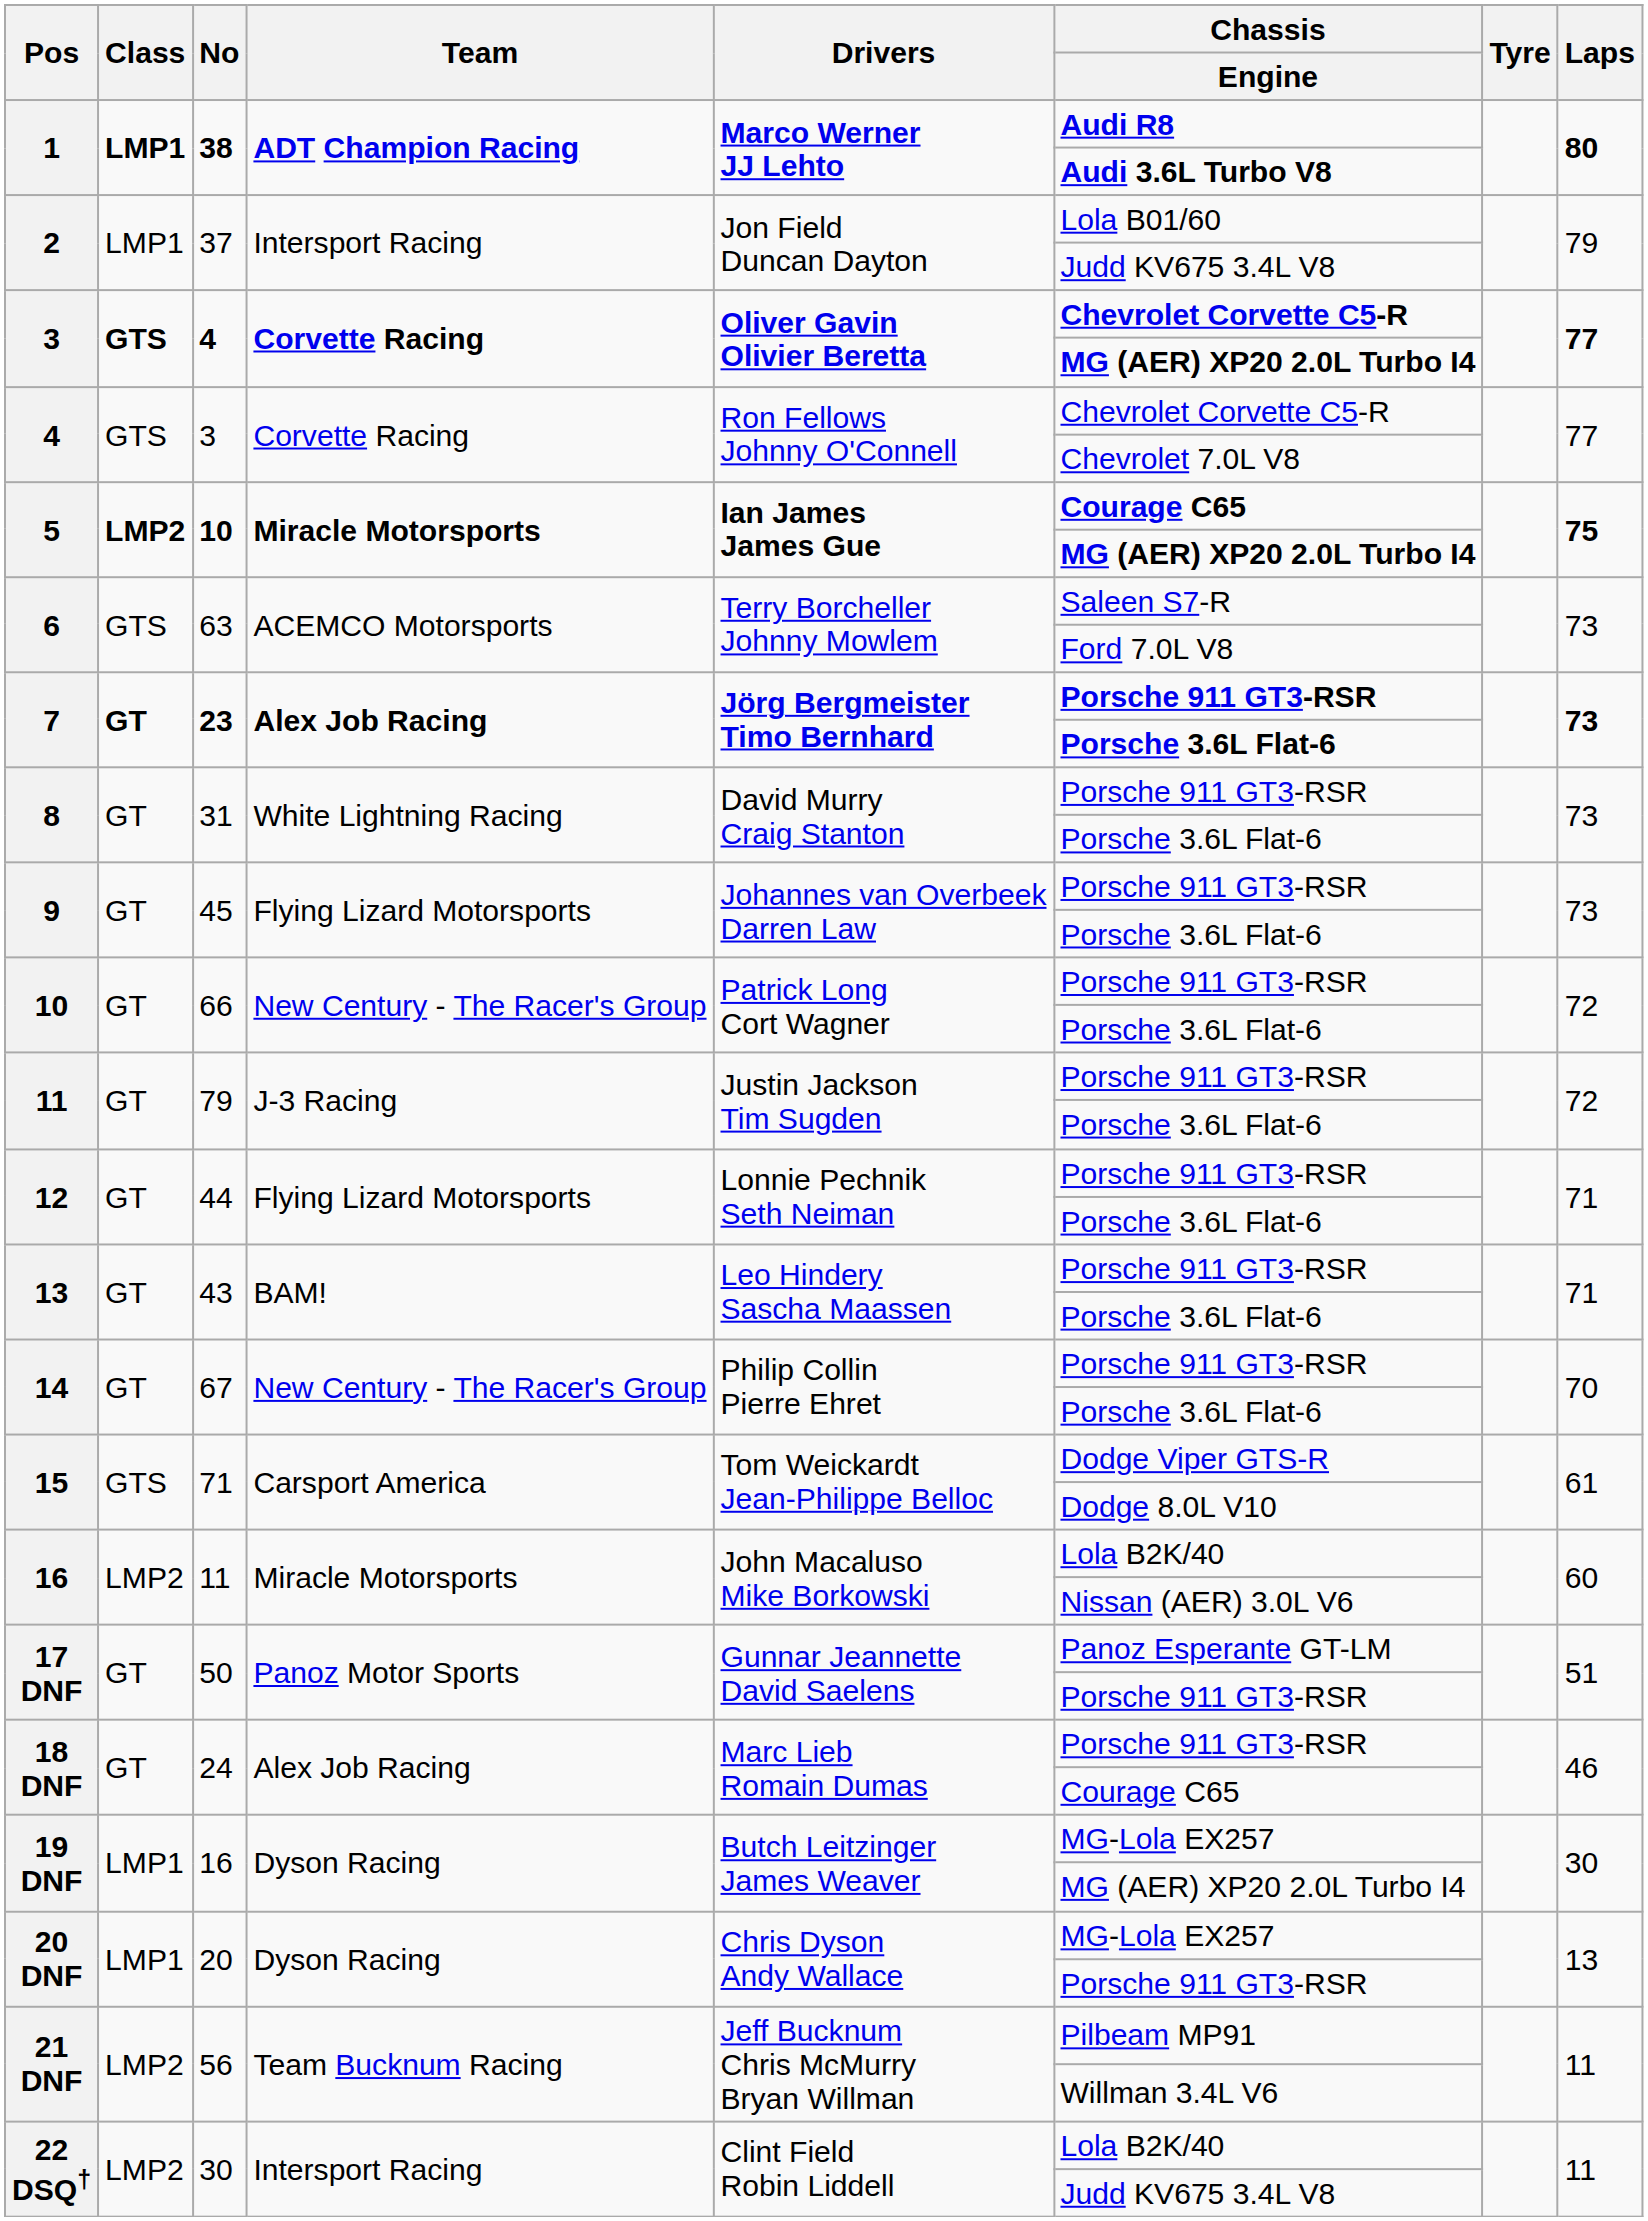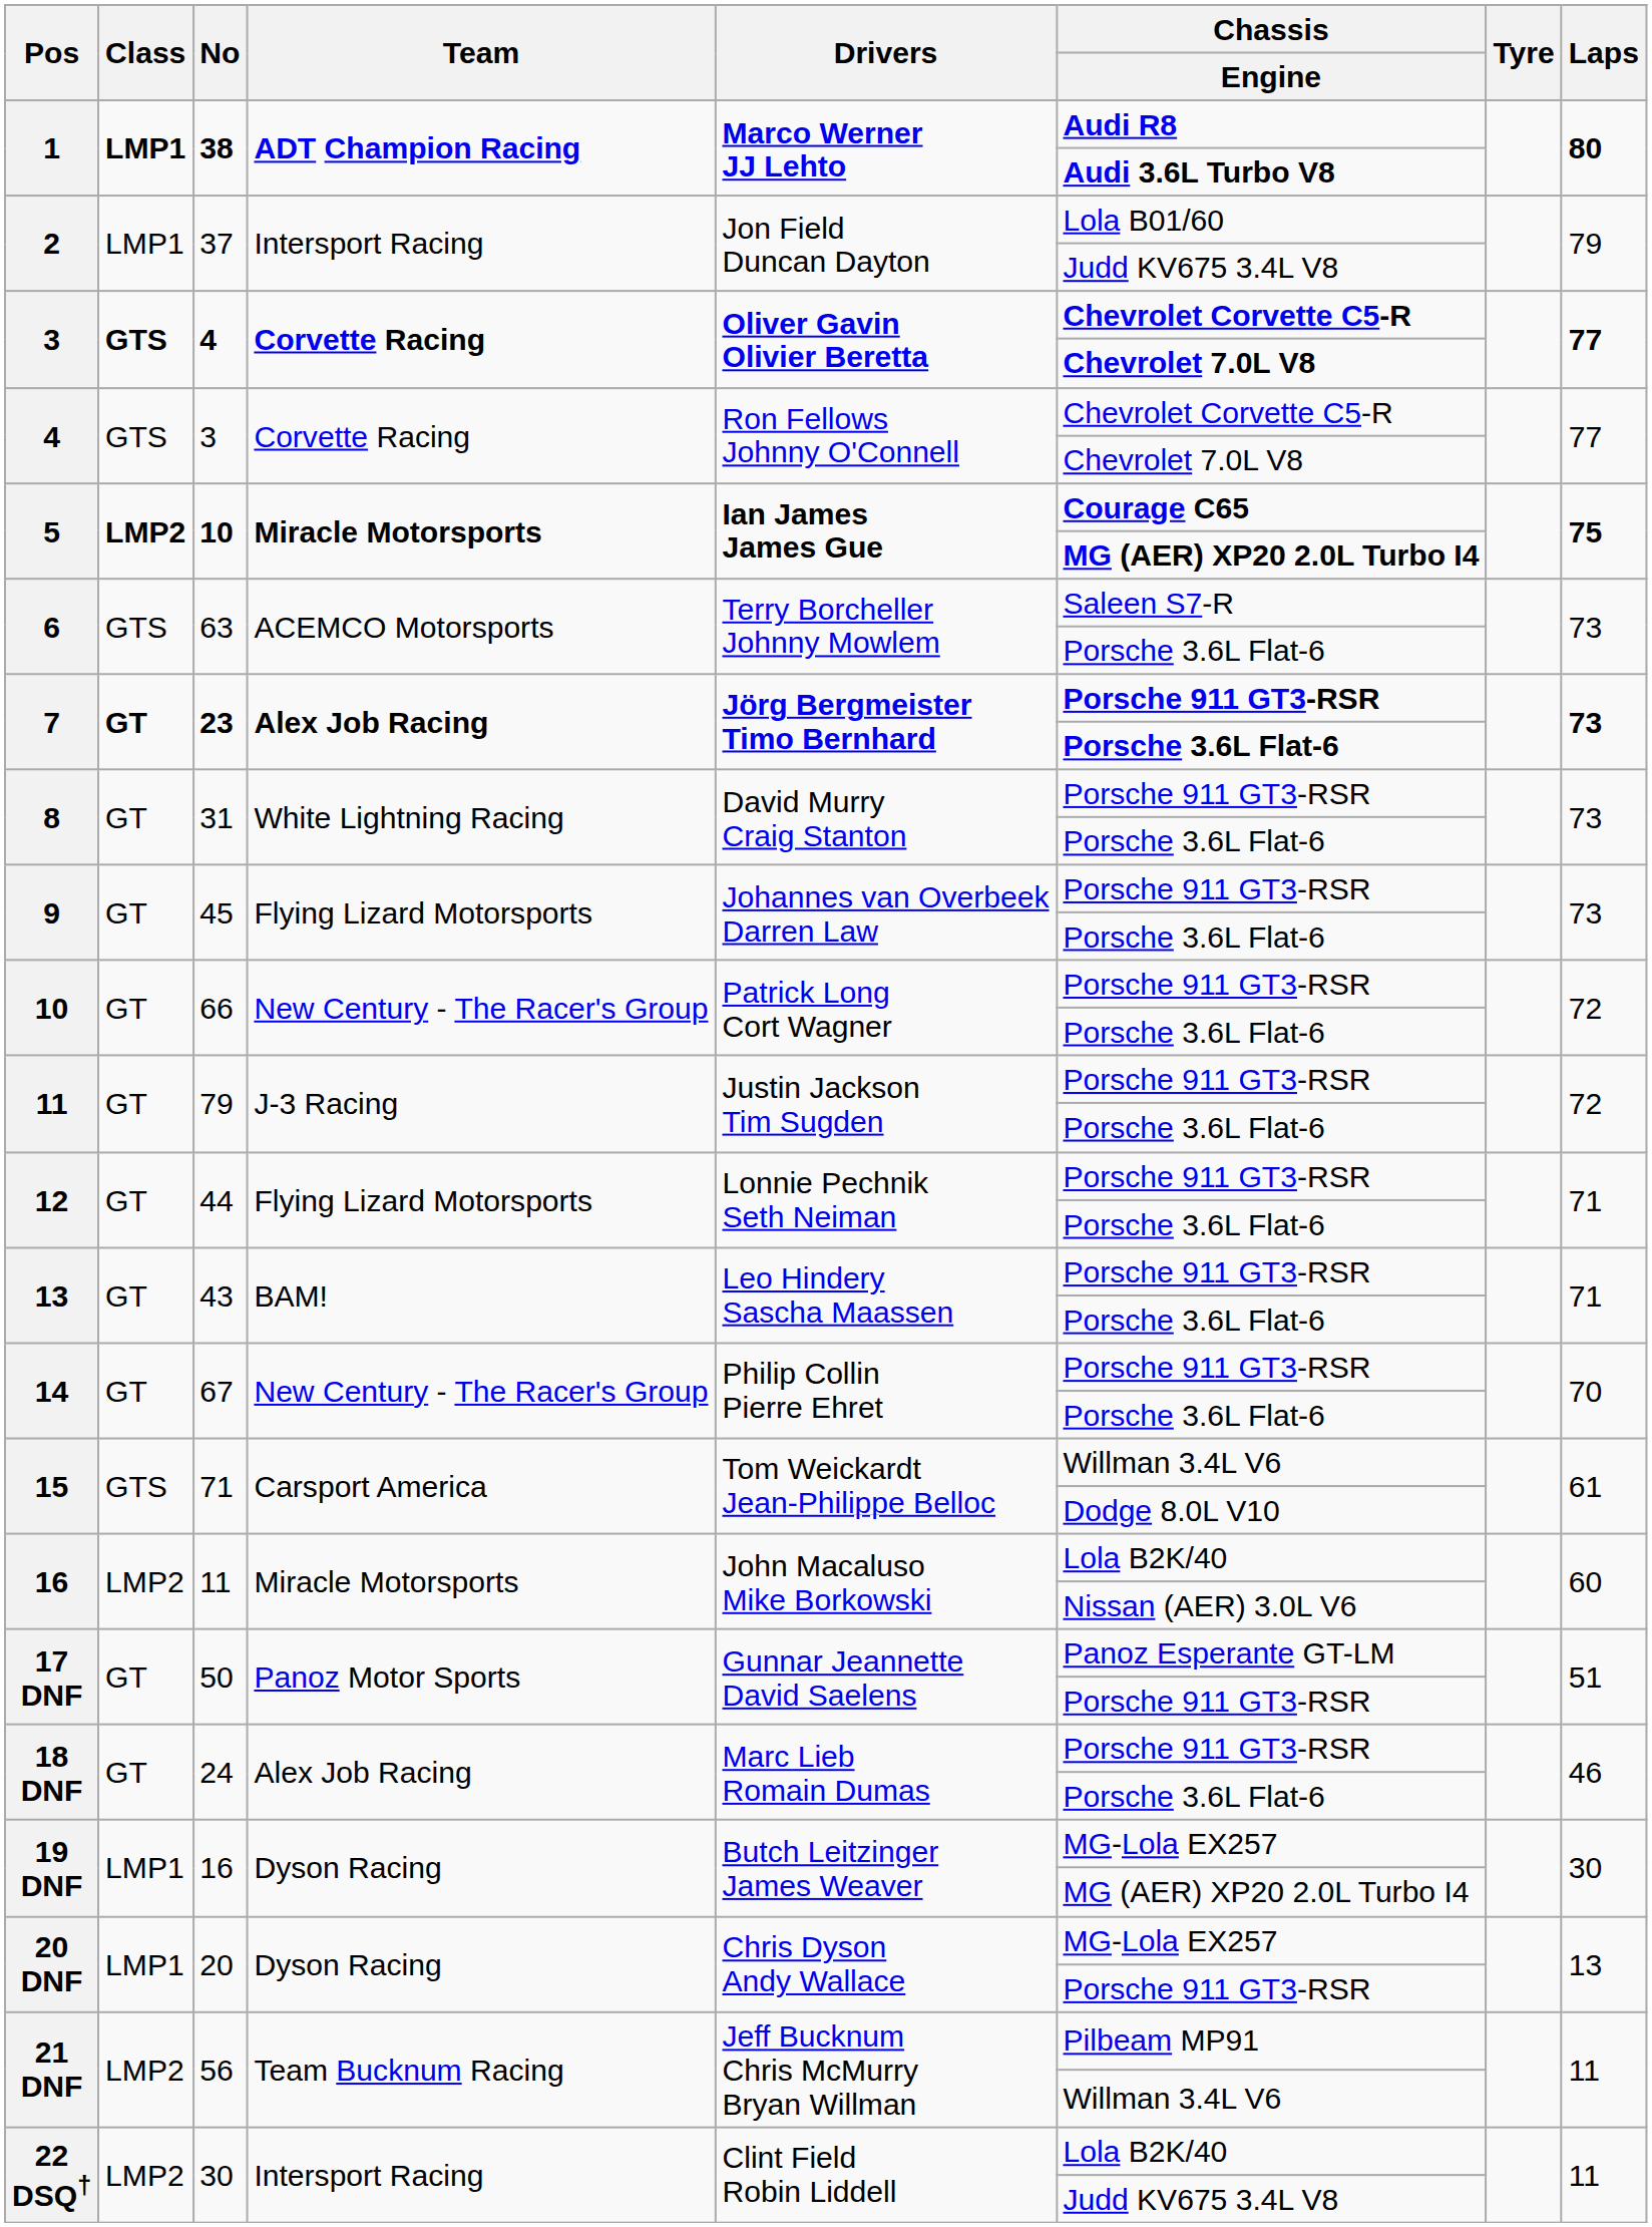 <table class="wikitable" style="font-size: 95%;">
 <tr>
 <th rowspan=2>Pos</th>
 <th rowspan=2>Class</th>
 <th rowspan=2>No</th>
 <th rowspan=2>Team</th>
 <th rowspan=2>Drivers</th>
 <th>Chassis</th>
 <th rowspan=2>Tyre</th>
 <th rowspan=2>Laps</th>
 </tr>
 <tr>
 <th>Engine</th>
 </tr>
 <tr style="font-weight:bold">
 <th rowspan=2>1</th>
 <td rowspan=2>LMP1</td>
 <td rowspan=2>38</td>
 <td rowspan=2> <a href='#'>ADT</a> <a href='#'>Champion Racing</a></td>
 <td rowspan=2> <a href='#'>Marco Werner</a><br> <a href='#'>JJ Lehto</a></td>
 <td><a href='#'>Audi R8</a></td>
 <td rowspan=2></td>
 <td rowspan=2>80</td>
 </tr>
 <tr style="font-weight:bold">
 <td><a href='#'>Audi</a> 3.6L Turbo V8</td>
 </tr>
 <tr>
 <th rowspan=2>2</th>
 <td rowspan=2>LMP1</td>
 <td rowspan=2>37</td>
 <td rowspan=2> Intersport Racing</td>
 <td rowspan=2> Jon Field<br> Duncan Dayton</td>
 <td><a href='#'>Lola</a> B01/60</td>
 <td rowspan=2></td>
 <td rowspan=2>79</td>
 </tr>
 <tr>
 <td><a href='#'>Judd</a> KV675 3.4L V8</td>
 </tr>
 <tr style="font-weight:bold">
 <th rowspan=2>3</th>
 <td rowspan=2>GTS</td>
 <td rowspan=2>4</td>
 <td rowspan=2> <a href='#'>Corvette</a> Racing</td>
 <td rowspan=2> <a href='#'>Oliver Gavin</a><br> <a href='#'>Olivier Beretta</a></td>
 <td><a href='#'>Chevrolet Corvette C5</a>-R</td>
 <td rowspan=2></td>
 <td rowspan=2>77</td>
 </tr>
 <tr style="font-weight:bold">
-<td><a href='#'>MG</a> (AER) XP20 2.0L Turbo I4</td>
+<td><a href='#'>Chevrolet</a> 7.0L V8</td>
 </tr>
 <tr>
 <th rowspan=2>4</th>
 <td rowspan=2>GTS</td>
 <td rowspan=2>3</td>
 <td rowspan=2> <a href='#'>Corvette</a> Racing</td>
 <td rowspan=2> <a href='#'>Ron Fellows</a><br> <a href='#'>Johnny O'Connell</a></td>
 <td><a href='#'>Chevrolet Corvette C5</a>-R</td>
 <td rowspan=2></td>
 <td rowspan=2>77</td>
 </tr>
 <tr>
 <td><a href='#'>Chevrolet</a> 7.0L V8</td>
 </tr>
 <tr style="font-weight:bold">
 <th rowspan=2>5</th>
 <td rowspan=2>LMP2</td>
 <td rowspan=2>10</td>
 <td rowspan=2> Miracle Motorsports</td>
 <td rowspan=2> Ian James<br> James Gue</td>
 <td><a href='#'>Courage</a> C65</td>
 <td rowspan=2></td>
 <td rowspan=2>75</td>
 </tr>
 <tr style="font-weight:bold">
 <td><a href='#'>MG</a> (AER) XP20 2.0L Turbo I4</td>
 </tr>
 <tr>
 <th rowspan=2>6</th>
 <td rowspan=2>GTS</td>
 <td rowspan=2>63</td>
 <td rowspan=2> ACEMCO Motorsports</td>
 <td rowspan=2> <a href='#'>Terry Borcheller</a><br> <a href='#'>Johnny Mowlem</a></td>
 <td><a href='#'>Saleen S7</a>-R</td>
 <td rowspan=2></td>
 <td rowspan=2>73</td>
 </tr>
 <tr>
-<td><a href='#'>Ford</a> 7.0L V8</td>
+<td><a href='#'>Porsche</a> 3.6L Flat-6</td>
 </tr>
 <tr style="font-weight:bold">
 <th rowspan=2>7</th>
 <td rowspan=2>GT</td>
 <td rowspan=2>23</td>
 <td rowspan=2> Alex Job Racing</td>
 <td rowspan=2> <a href='#'>Jörg Bergmeister</a><br> <a href='#'>Timo Bernhard</a></td>
 <td><a href='#'>Porsche 911 GT3</a>-RSR</td>
 <td rowspan=2></td>
 <td rowspan=2>73</td>
 </tr>
 <tr style="font-weight:bold">
 <td><a href='#'>Porsche</a> 3.6L Flat-6</td>
 </tr>
 <tr>
 <th rowspan=2>8</th>
 <td rowspan=2>GT</td>
 <td rowspan=2>31</td>
 <td rowspan=2> White Lightning Racing</td>
 <td rowspan=2> David Murry<br> <a href='#'>Craig Stanton</a></td>
 <td><a href='#'>Porsche 911 GT3</a>-RSR</td>
 <td rowspan=2></td>
 <td rowspan=2>73</td>
 </tr>
 <tr>
 <td><a href='#'>Porsche</a> 3.6L Flat-6</td>
 </tr>
 <tr>
 <th rowspan=2>9</th>
 <td rowspan=2>GT</td>
 <td rowspan=2>45</td>
 <td rowspan=2> Flying Lizard Motorsports</td>
 <td rowspan=2> <a href='#'>Johannes van Overbeek</a><br> <a href='#'>Darren Law</a></td>
 <td><a href='#'>Porsche 911 GT3</a>-RSR</td>
 <td rowspan=2></td>
 <td rowspan=2>73</td>
 </tr>
 <tr>
 <td><a href='#'>Porsche</a> 3.6L Flat-6</td>
 </tr>
 <tr>
 <th rowspan=2>10</th>
 <td rowspan=2>GT</td>
 <td rowspan=2>66</td>
 <td rowspan=2> <a href='#'>New Century</a> - <a href='#'>The Racer's Group</a></td>
 <td rowspan=2> <a href='#'>Patrick Long</a><br> Cort Wagner</td>
 <td><a href='#'>Porsche 911 GT3</a>-RSR</td>
 <td rowspan=2></td>
 <td rowspan=2>72</td>
 </tr>
 <tr>
 <td><a href='#'>Porsche</a> 3.6L Flat-6</td>
 </tr>
 <tr>
 <th rowspan=2>11</th>
 <td rowspan=2>GT</td>
 <td rowspan=2>79</td>
 <td rowspan=2> J-3 Racing</td>
 <td rowspan=2> Justin Jackson<br> <a href='#'>Tim Sugden</a></td>
 <td><a href='#'>Porsche 911 GT3</a>-RSR</td>
 <td rowspan=2></td>
 <td rowspan=2>72</td>
 </tr>
 <tr>
 <td><a href='#'>Porsche</a> 3.6L Flat-6</td>
 </tr>
 <tr>
 <th rowspan=2>12</th>
 <td rowspan=2>GT</td>
 <td rowspan=2>44</td>
 <td rowspan=2> Flying Lizard Motorsports</td>
 <td rowspan=2> Lonnie Pechnik<br> <a href='#'>Seth Neiman</a></td>
 <td><a href='#'>Porsche 911 GT3</a>-RSR</td>
 <td rowspan=2></td>
 <td rowspan=2>71</td>
 </tr>
 <tr>
 <td><a href='#'>Porsche</a> 3.6L Flat-6</td>
 </tr>
 <tr>
 <th rowspan=2>13</th>
 <td rowspan=2>GT</td>
 <td rowspan=2>43</td>
 <td rowspan=2> BAM!</td>
 <td rowspan=2> <a href='#'>Leo Hindery</a><br> <a href='#'>Sascha Maassen</a></td>
 <td><a href='#'>Porsche 911 GT3</a>-RSR</td>
 <td rowspan=2></td>
 <td rowspan=2>71</td>
 </tr>
 <tr>
 <td><a href='#'>Porsche</a> 3.6L Flat-6</td>
 </tr>
 <tr>
 <th rowspan=2>14</th>
 <td rowspan=2>GT</td>
 <td rowspan=2>67</td>
 <td rowspan=2> <a href='#'>New Century</a> - <a href='#'>The Racer's Group</a></td>
 <td rowspan=2> Philip Collin<br> Pierre Ehret</td>
 <td><a href='#'>Porsche 911 GT3</a>-RSR</td>
 <td rowspan=2></td>
 <td rowspan=2>70</td>
 </tr>
 <tr>
 <td><a href='#'>Porsche</a> 3.6L Flat-6</td>
 </tr>
 <tr>
 <th rowspan=2>15</th>
 <td rowspan=2>GTS</td>
 <td rowspan=2>71</td>
 <td rowspan=2> Carsport America</td>
 <td rowspan=2> Tom Weickardt<br> <a href='#'>Jean-Philippe Belloc</a></td>
-<td><a href='#'>Dodge Viper GTS-R</a></td>
+<td>Willman 3.4L V6</td>
 <td rowspan=2></td>
 <td rowspan=2>61</td>
 </tr>
 <tr>
 <td><a href='#'>Dodge</a> 8.0L V10</td>
 </tr>
 <tr>
 <th rowspan=2>16</th>
 <td rowspan=2>LMP2</td>
 <td rowspan=2>11</td>
 <td rowspan=2> Miracle Motorsports</td>
 <td rowspan=2> John Macaluso<br> <a href='#'>Mike Borkowski</a></td>
 <td><a href='#'>Lola</a> B2K/40</td>
 <td rowspan=2></td>
 <td rowspan=2>60</td>
 </tr>
 <tr>
 <td><a href='#'>Nissan</a> (AER) 3.0L V6</td>
 </tr>
 <tr>
 <th rowspan=2>17<br>DNF</th>
 <td rowspan=2>GT</td>
 <td rowspan=2>50</td>
 <td rowspan=2> <a href='#'>Panoz</a> Motor Sports</td>
 <td rowspan=2> <a href='#'>Gunnar Jeannette</a><br> <a href='#'>David Saelens</a></td>
 <td><a href='#'>Panoz Esperante</a> GT-LM</td>
 <td rowspan=2></td>
 <td rowspan=2>51</td>
 </tr>
 <tr>
 <td><a href='#'>Porsche 911 GT3</a>-RSR</td>
 </tr>
 <tr>
 <th rowspan=2>18<br>DNF</th>
 <td rowspan=2>GT</td>
 <td rowspan=2>24</td>
 <td rowspan=2> Alex Job Racing</td>
 <td rowspan=2> <a href='#'>Marc Lieb</a><br> <a href='#'>Romain Dumas</a></td>
 <td><a href='#'>Porsche 911 GT3</a>-RSR</td>
 <td rowspan=2></td>
 <td rowspan=2>46</td>
 </tr>
 <tr>
-<td><a href='#'>Courage</a> C65</td>
+<td><a href='#'>Porsche</a> 3.6L Flat-6</td>
 </tr>
 <tr>
 <th rowspan=2>19<br>DNF</th>
 <td rowspan=2>LMP1</td>
 <td rowspan=2>16</td>
 <td rowspan=2> Dyson Racing</td>
 <td rowspan=2> <a href='#'>Butch Leitzinger</a><br> <a href='#'>James Weaver</a></td>
 <td><a href='#'>MG</a>-<a href='#'>Lola</a> EX257</td>
 <td rowspan=2></td>
 <td rowspan=2>30</td>
 </tr>
 <tr>
 <td><a href='#'>MG</a> (AER) XP20 2.0L Turbo I4</td>
 </tr>
 <tr>
 <th rowspan=2>20<br>DNF</th>
 <td rowspan=2>LMP1</td>
 <td rowspan=2>20</td>
 <td rowspan=2> Dyson Racing</td>
 <td rowspan=2> <a href='#'>Chris Dyson</a><br> <a href='#'>Andy Wallace</a></td>
 <td><a href='#'>MG</a>-<a href='#'>Lola</a> EX257</td>
 <td rowspan=2></td>
 <td rowspan=2>13</td>
 </tr>
 <tr>
 <td><a href='#'>Porsche 911 GT3</a>-RSR</td>
 </tr>
 <tr>
 <th rowspan=2>21<br>DNF</th>
 <td rowspan=2>LMP2</td>
 <td rowspan=2>56</td>
 <td rowspan=2> Team <a href='#'>Bucknum</a> Racing</td>
 <td rowspan=2> <a href='#'>Jeff Bucknum</a><br> Chris McMurry<br> Bryan Willman</td>
 <td><a href='#'>Pilbeam</a> MP91</td>
 <td rowspan=2></td>
 <td rowspan=2>11</td>
 </tr>
 <tr>
 <td>Willman 3.4L V6</td>
 </tr>
 <tr>
 <th rowspan=2>22<br>DSQ<sup>†</sup></th>
 <td rowspan=2>LMP2</td>
 <td rowspan=2>30</td>
 <td rowspan=2> Intersport Racing</td>
 <td rowspan=2> Clint Field<br> Robin Liddell</td>
 <td><a href='#'>Lola</a> B2K/40</td>
 <td rowspan=2></td>
 <td rowspan=2>11</td>
 </tr>
 <tr>
 <td><a href='#'>Judd</a> KV675 3.4L V8</td>
 </tr>
 </table>
